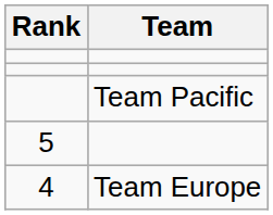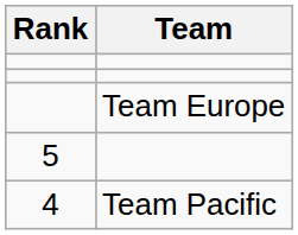 <table class="wikitable">
 <tr>
 <th>Rank</th>
 <th>Team</th>
 </tr>
 <tr>
 <td align=center></td>
 <td></td>
 </tr>
 <tr>
 <td align=center></td>
 <td></td>
 </tr>
 <tr>
 <td align=center></td>
-<td>Team Pacific</td>
+<td>Team Europe</td>
 </tr>
 <tr>
 <td align=center>5</td>
 <td></td>
 </tr>
 <tr>
 <td align=center>4</td>
-<td>Team Europe</td>
+<td>Team Pacific</td>
 </tr>
 </table>
